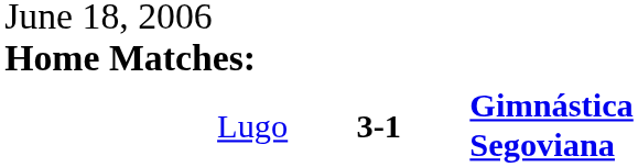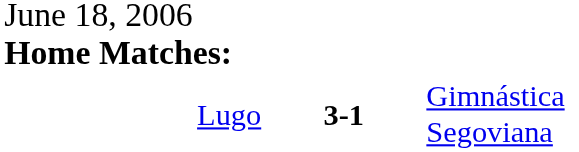 <table width=100% cellspacing=1>
 <tr>
 <th width=20%></th>
 <th width=12%></th>
 <th width=20%></th>
 <th></th>
 </tr>
 <tr>
 <td>June 18, 2006<br><strong>Home Matches:</strong></td>
 </tr>
 <tr style=font-size:90%>
 <td align=right><a href='#'>Lugo</a></td>
 <td align=center><strong>3-1</strong></td>
-<td><strong><a href='#'>Gimnástica Segoviana</a></strong></td>
+<td><a href='#'>Gimnástica Segoviana</a></td>
 </tr>
 </table>
